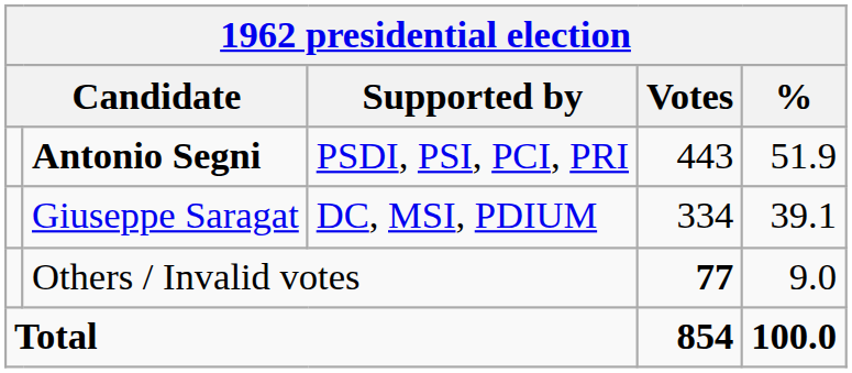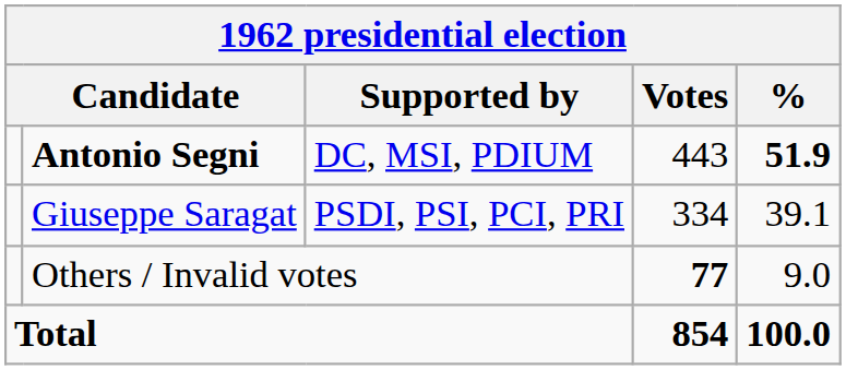 <table class=wikitable style=text-align:right>
 <tr>
 <th colspan=5><a href='#'>1962 presidential election</a> </th>
 </tr>
 <tr>
 <th colspan=2>Candidate</th>
 <th>Supported by</th>
 <th>Votes</th>
 <th>%</th>
 </tr>
 <tr>
 <td></td>
 <td align=left><strong>Antonio Segni</strong></td>
-<td align=left><a href='#'>PSDI</a>, <a href='#'>PSI</a>, <a href='#'>PCI</a>, <a href='#'>PRI</a></td>
+<td align=left><a href='#'>DC</a>, <a href='#'>MSI</a>, <a href='#'>PDIUM</a></td>
 <td>443</td>
-<td>51.9</td>
+<td><strong>51.9</strong></td>
 </tr>
 <tr>
 <td></td>
 <td align=left><a href='#'>Giuseppe Saragat</a></td>
-<td align=left><a href='#'>DC</a>, <a href='#'>MSI</a>, <a href='#'>PDIUM</a></td>
+<td align=left><a href='#'>PSDI</a>, <a href='#'>PSI</a>, <a href='#'>PCI</a>, <a href='#'>PRI</a></td>
 <td>334</td>
 <td>39.1</td>
 </tr>
 <tr>
 <td></td>
 <td align=left colspan=2>Others / Invalid votes</td>
 <td><strong>77</strong></td>
 <td>9.0</td>
 </tr>
 <tr>
 <td align=left colspan=3><strong>Total</strong></td>
 <td><strong>854</strong></td>
 <td><strong>100.0</strong></td>
 </tr>
 </table>
